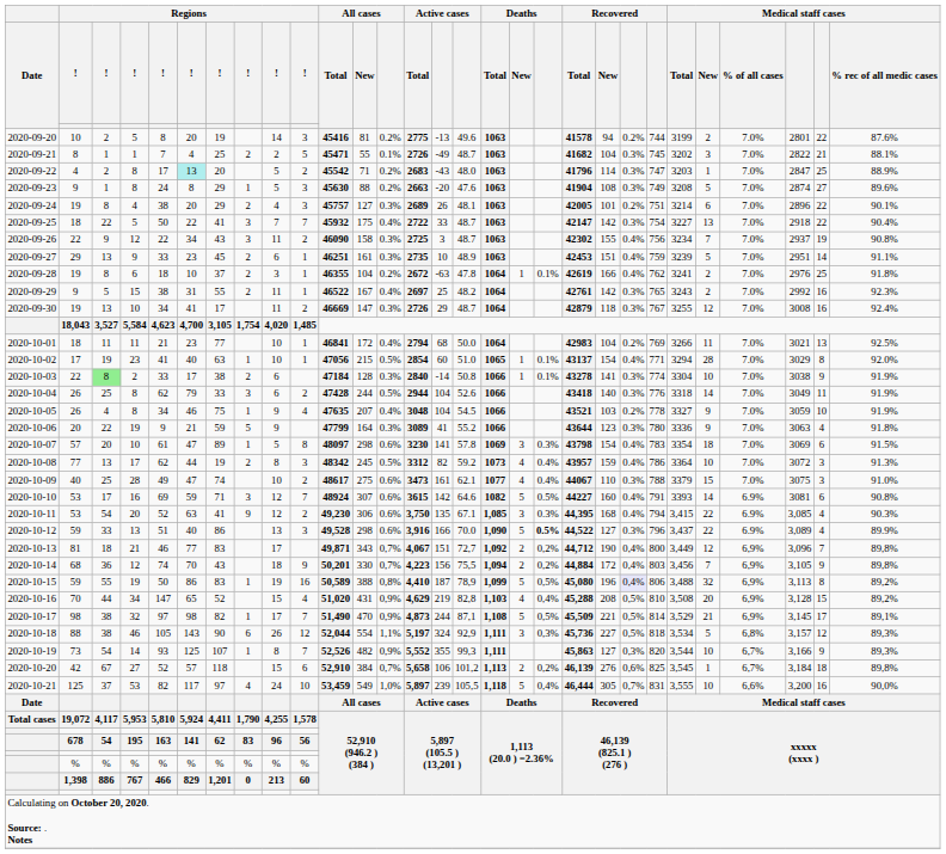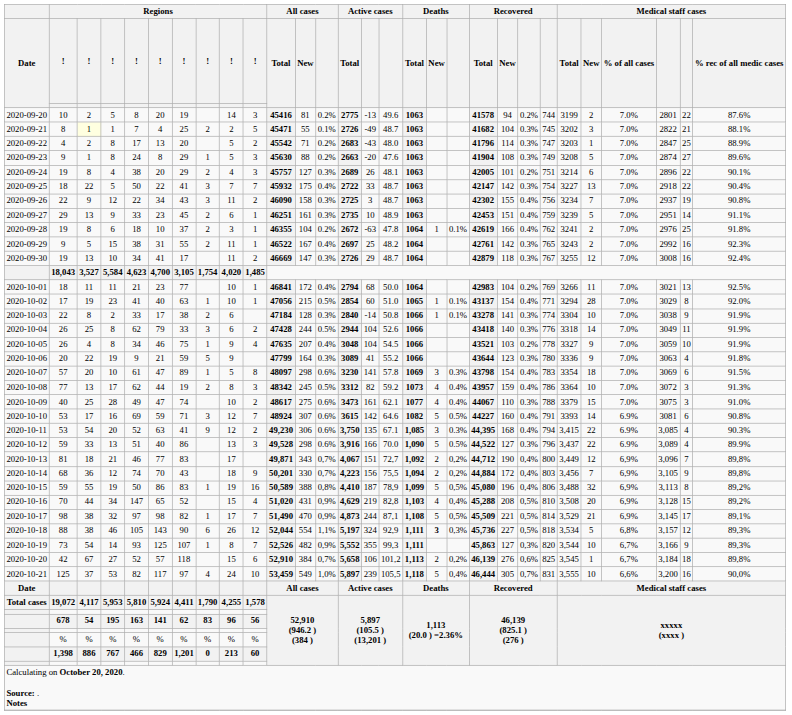 <table class="wikitable mw-collapsible mw-datatable" style="text-align:center; font-size:80%">
 <tr>
 <th> </th>
 <th colspan="9"><strong>Regions</strong></th>
 <th colspan="3">All cases</th>
 <th colspan="3">Active cases</th>
 <th colspan="3">Deaths</th>
 <th colspan="4">Recovered</th>
 <th colspan="6">Medical staff cases<br></th>
 </tr>
 <tr style="height:125px">
 <th rowspan="2">Date</th>
 <th>!</th>
 <th>!</th>
 <th>!</th>
 <th>!</th>
 <th>!</th>
 <th>!</th>
 <th>!</th>
 <th>!</th>
 <th>!</th>
 <th rowspan="2">Total</th>
 <th rowspan="2">New</th>
 <th rowspan="2"></th>
 <th rowspan="2">Total</th>
 <th rowspan="2"></th>
 <th rowspan="2"></th>
 <th rowspan="2">Total</th>
 <th rowspan="2">New</th>
 <th rowspan="2"></th>
 <th rowspan="2">Total</th>
 <th rowspan="2">New</th>
 <th rowspan="2"></th>
 <th rowspan="2"></th>
 <th rowspan="2">Total</th>
 <th rowspan="2">New</th>
 <th rowspan="2">% of all cases</th>
 <th rowspan="2"></th>
 <th rowspan="2"></th>
 <th rowspan="2">% rec of all medic cases</th>
 </tr>
 <tr>
 <th style="top:125px"></th>
 <th style="top:125px"></th>
 <th style="top:125px"></th>
 <th style="top:125px"></th>
 <th style="top:125px"></th>
 <th style="top:125px"></th>
 <th style="top:125px"></th>
 <th style="top:125px"></th>
 <th style="top:125px"></th>
 </tr>
 <tr>
 <td>2020-09-20</td>
 <td>10</td>
 <td>2</td>
 <td>5</td>
 <td>8</td>
 <td>20</td>
 <td>19</td>
 <td></td>
 <td>14</td>
 <td>3</td>
 <th>45416</th>
 <td>81</td>
 <td>0.2%</td>
 <th>2775</th>
 <td>-13</td>
 <td>49.6</td>
 <th>1063</th>
 <td></td>
 <td></td>
 <th>41578</th>
 <td>94</td>
 <td>0.2%</td>
 <td>744</td>
 <td>3199</td>
 <td>2</td>
 <td>7.0%</td>
 <td>2801</td>
 <td>22</td>
 <td>87.6%</td>
 </tr>
 <tr>
 <td>2020-09-21</td>
 <td>8</td>
-<td>1</td>
+<td style="background: lightyellow;">1</td>
 <td>1</td>
 <td>7</td>
 <td>4</td>
 <td>25</td>
 <td>2</td>
 <td>2</td>
 <td>5</td>
 <th>45471</th>
 <td>55</td>
 <td>0.1%</td>
 <th>2726</th>
 <td>-49</td>
 <td>48.7</td>
 <th>1063</th>
 <td></td>
 <td></td>
 <th>41682</th>
 <td>104</td>
 <td>0.3%</td>
 <td>745</td>
 <td>3202</td>
 <td>3</td>
 <td>7.0%</td>
 <td>2822</td>
 <td>21</td>
 <td>88.1%</td>
 </tr>
 <tr>
 <td>2020-09-22</td>
 <td>4</td>
 <td>2</td>
 <td>8</td>
 <td>17</td>
-<td style="background: paleturquoise;">13</td>
+<td>13</td>
 <td>20</td>
 <td></td>
 <td>5</td>
 <td>2</td>
 <th>45542</th>
 <td>71</td>
 <td>0.2%</td>
 <th>2683</th>
 <td>-43</td>
 <td>48.0</td>
 <th>1063</th>
 <td></td>
 <td></td>
 <th>41796</th>
 <td>114</td>
 <td>0.3%</td>
 <td>747</td>
 <td>3203</td>
 <td>1</td>
 <td>7.0%</td>
 <td>2847</td>
 <td>25</td>
 <td>88.9%</td>
 </tr>
 <tr>
 <td>2020-09-23</td>
 <td>9</td>
 <td>1</td>
 <td>8</td>
 <td>24</td>
 <td>8</td>
 <td>29</td>
 <td>1</td>
 <td>5</td>
 <td>3</td>
 <th>45630</th>
 <td>88</td>
 <td>0.2%</td>
 <th>2663</th>
 <td>-20</td>
 <td>47.6</td>
 <th>1063</th>
 <td></td>
 <td></td>
 <th>41904</th>
 <td>108</td>
 <td>0.3%</td>
 <td>749</td>
 <td>3208</td>
 <td>5</td>
 <td>7.0%</td>
 <td>2874</td>
 <td>27</td>
 <td>89.6%</td>
 </tr>
 <tr>
 <td>2020-09-24</td>
 <td>19</td>
 <td>8</td>
 <td>4</td>
 <td>38</td>
 <td>20</td>
 <td>29</td>
 <td>2</td>
 <td>4</td>
 <td>3</td>
 <th>45757</th>
 <td>127</td>
 <td>0.3%</td>
 <th>2689</th>
 <td>26</td>
 <td>48.1</td>
 <th>1063</th>
 <td></td>
 <td></td>
 <th>42005</th>
 <td>101</td>
 <td>0.2%</td>
 <td>751</td>
 <td>3214</td>
 <td>6</td>
 <td>7.0%</td>
 <td>2896</td>
 <td>22</td>
 <td>90.1%</td>
 </tr>
 <tr>
 <td>2020-09-25</td>
 <td>18</td>
 <td>22</td>
 <td>5</td>
 <td>50</td>
 <td>22</td>
 <td>41</td>
 <td>3</td>
 <td>7</td>
 <td>7</td>
 <th>45932</th>
 <td>175</td>
 <td>0.4%</td>
 <th>2722</th>
 <td>33</td>
 <td>48.7</td>
 <th>1063</th>
 <td></td>
 <td></td>
 <th>42147</th>
 <td>142</td>
 <td>0.3%</td>
 <td>754</td>
 <td>3227</td>
 <td>13</td>
 <td>7.0%</td>
 <td>2918</td>
 <td>22</td>
 <td>90.4%</td>
 </tr>
 <tr>
 <td>2020-09-26</td>
 <td>22</td>
 <td>9</td>
 <td>12</td>
 <td>22</td>
 <td>34</td>
 <td>43</td>
 <td>3</td>
 <td>11</td>
 <td>2</td>
 <th>46090</th>
 <td>158</td>
 <td>0.3%</td>
 <th>2725</th>
 <td>3</td>
 <td>48.7</td>
 <th>1063</th>
 <td></td>
 <td></td>
 <th>42302</th>
 <td>155</td>
 <td>0.4%</td>
 <td>756</td>
 <td>3234</td>
 <td>7</td>
 <td>7.0%</td>
 <td>2937</td>
 <td>19</td>
 <td>90.8%</td>
 </tr>
 <tr>
 <td>2020-09-27</td>
 <td>29</td>
 <td>13</td>
 <td>9</td>
 <td>33</td>
 <td>23</td>
 <td>45</td>
 <td>2</td>
 <td>6</td>
 <td>1</td>
 <th>46251</th>
 <td>161</td>
 <td>0.3%</td>
 <th>2735</th>
 <td>10</td>
 <td>48.9</td>
 <th>1063</th>
 <td></td>
 <td></td>
 <th>42453</th>
 <td>151</td>
 <td>0.4%</td>
 <td>759</td>
 <td>3239</td>
 <td>5</td>
 <td>7.0%</td>
 <td>2951</td>
 <td>14</td>
 <td>91.1%</td>
 </tr>
 <tr>
 <td>2020-09-28</td>
 <td>19</td>
 <td>8</td>
 <td>6</td>
 <td>18</td>
 <td>10</td>
 <td>37</td>
 <td>2</td>
 <td>3</td>
 <td>1</td>
 <th>46355</th>
 <td>104</td>
 <td>0.2%</td>
 <th>2672</th>
 <td>-63</td>
 <td>47.8</td>
 <th>1064</th>
 <td>1</td>
 <td>0.1%</td>
 <th>42619</th>
 <td>166</td>
 <td>0.4%</td>
 <td>762</td>
 <td>3241</td>
 <td>2</td>
 <td>7.0%</td>
 <td>2976</td>
 <td>25</td>
 <td>91.8%</td>
 </tr>
 <tr>
 <td>2020-09-29</td>
 <td>9</td>
 <td>5</td>
 <td>15</td>
 <td>38</td>
 <td>31</td>
 <td>55</td>
 <td>2</td>
 <td>11</td>
 <td>1</td>
 <th>46522</th>
 <td>167</td>
 <td>0.4%</td>
 <th>2697</th>
 <td>25</td>
 <td>48.2</td>
 <th>1064</th>
 <td></td>
 <td></td>
 <th>42761</th>
 <td>142</td>
 <td>0.3%</td>
 <td>765</td>
 <td>3243</td>
 <td>2</td>
 <td>7.0%</td>
 <td>2992</td>
 <td>16</td>
 <td>92.3%</td>
 </tr>
 <tr>
 <td>2020-09-30</td>
 <td>19</td>
 <td>13</td>
 <td>10</td>
 <td>34</td>
 <td>41</td>
 <td>17</td>
 <td></td>
 <td>11</td>
 <td>2</td>
 <th>46669</th>
 <td>147</td>
 <td>0.3%</td>
 <th>2726</th>
 <td>29</td>
 <td>48.7</td>
 <th>1064</th>
 <td></td>
 <td></td>
 <th>42879</th>
 <td>118</td>
 <td>0.3%</td>
 <td>767</td>
 <td>3255</td>
 <td>12</td>
 <td>7.0%</td>
 <td>3008</td>
 <td>16</td>
 <td>92.4%</td>
 </tr>
 <tr>
 <th></th>
 <th>18,043</th>
 <th>3,527</th>
 <th>5,584</th>
 <th>4,623</th>
 <th>4,700</th>
 <th>3,105</th>
 <th>1,754</th>
 <th>4,020</th>
 <th>1,485</th>
 </tr>
 <tr>
 <td>2020-10-01</td>
 <td>18</td>
 <td>11</td>
 <td>11</td>
 <td>21</td>
 <td>23</td>
 <td>77</td>
 <td></td>
 <td>10</td>
 <td>1</td>
 <th>46841</th>
 <td>172</td>
 <td>0.4%</td>
 <th>2794</th>
 <td>68</td>
 <td>50.0</td>
 <th>1064</th>
 <td></td>
 <td></td>
 <th>42983</th>
 <td>104</td>
 <td>0.2%</td>
 <td>769</td>
 <td>3266</td>
 <td>11</td>
 <td>7.0%</td>
 <td>3021</td>
 <td>13</td>
 <td>92.5%</td>
 </tr>
 <tr>
 <td>2020-10-02</td>
 <td>17</td>
 <td>19</td>
 <td>23</td>
 <td>41</td>
 <td>40</td>
 <td>63</td>
 <td>1</td>
 <td>10</td>
 <td>1</td>
 <th>47056</th>
 <td>215</td>
 <td>0.5%</td>
 <th>2854</th>
 <td>60</td>
 <td>51.0</td>
 <th>1065</th>
 <td>1</td>
 <td>0.1%</td>
 <th>43137</th>
 <td>154</td>
 <td>0.4%</td>
 <td>771</td>
 <td>3294</td>
 <td>28</td>
 <td>7.0%</td>
 <td>3029</td>
 <td>8</td>
 <td>92.0%</td>
 </tr>
 <tr>
 <td>2020-10-03</td>
 <td>22</td>
-<td style="background: lightgreen;">8</td>
+<td>8</td>
 <td>2</td>
 <td>33</td>
 <td>17</td>
 <td>38</td>
 <td>2</td>
 <td>6</td>
 <td></td>
 <th>47184</th>
 <td>128</td>
 <td>0.3%</td>
 <th>2840</th>
 <td>-14</td>
 <td>50.8</td>
 <th>1066</th>
 <td>1</td>
 <td>0.1%</td>
 <th>43278</th>
 <td>141</td>
 <td>0.3%</td>
 <td>774</td>
 <td>3304</td>
 <td>10</td>
 <td>7.0%</td>
 <td>3038</td>
 <td>9</td>
 <td>91.9%</td>
 </tr>
 <tr>
 <td>2020-10-04</td>
 <td>26</td>
 <td>25</td>
 <td>8</td>
 <td>62</td>
 <td>79</td>
 <td>33</td>
 <td>3</td>
 <td>6</td>
 <td>2</td>
 <th>47428</th>
 <td>244</td>
 <td>0.5%</td>
 <th>2944</th>
 <td>104</td>
 <td>52.6</td>
 <th>1066</th>
 <td></td>
 <td></td>
 <th>43418</th>
 <td>140</td>
 <td>0.3%</td>
 <td>776</td>
 <td>3318</td>
 <td>14</td>
 <td>7.0%</td>
 <td>3049</td>
 <td>11</td>
 <td>91.9%</td>
 </tr>
 <tr>
 <td>2020-10-05</td>
 <td>26</td>
 <td>4</td>
 <td>8</td>
 <td>34</td>
 <td>46</td>
 <td>75</td>
 <td>1</td>
 <td>9</td>
 <td>4</td>
 <th>47635</th>
 <td>207</td>
 <td>0.4%</td>
 <th>3048</th>
 <td>104</td>
 <td>54.5</td>
 <th>1066</th>
 <td></td>
 <td></td>
 <th>43521</th>
 <td>103</td>
 <td>0.2%</td>
 <td>778</td>
 <td>3327</td>
 <td>9</td>
 <td>7.0%</td>
 <td>3059</td>
 <td>10</td>
 <td>91.9%</td>
 </tr>
 <tr>
 <td>2020-10-06</td>
 <td>20</td>
 <td>22</td>
 <td>19</td>
 <td>9</td>
 <td>21</td>
 <td>59</td>
 <td>5</td>
 <td>9</td>
 <td></td>
 <th>47799</th>
 <td>164</td>
 <td>0.3%</td>
 <th>3089</th>
 <td>41</td>
 <td>55.2</td>
 <th>1066</th>
 <td></td>
 <td></td>
 <th>43644</th>
 <td>123</td>
 <td>0.3%</td>
 <td>780</td>
 <td>3336</td>
 <td>9</td>
 <td>7.0%</td>
 <td>3063</td>
 <td>4</td>
 <td>91.8%</td>
 </tr>
 <tr>
 <td>2020-10-07</td>
 <td>57</td>
 <td>20</td>
 <td>10</td>
 <td>61</td>
 <td>47</td>
 <td>89</td>
 <td>1</td>
 <td>5</td>
 <td>8</td>
 <th>48097</th>
 <td>298</td>
 <td>0.6%</td>
 <th>3230</th>
 <td>141</td>
 <td>57.8</td>
 <th>1069</th>
 <td>3</td>
 <td>0.3%</td>
 <th>43798</th>
 <td>154</td>
 <td>0.4%</td>
 <td>783</td>
 <td>3354</td>
 <td>18</td>
 <td>7.0%</td>
 <td>3069</td>
 <td>6</td>
 <td>91.5%</td>
 </tr>
 <tr>
 <td>2020-10-08</td>
 <td>77</td>
 <td>13</td>
 <td>17</td>
 <td>62</td>
 <td>44</td>
 <td>19</td>
 <td>2</td>
 <td>8</td>
 <td>3</td>
 <th>48342</th>
 <td>245</td>
 <td>0.5%</td>
 <th>3312</th>
 <td>82</td>
 <td>59.2</td>
 <th>1073</th>
 <td>4</td>
 <td>0.4%</td>
 <th>43957</th>
 <td>159</td>
 <td>0.4%</td>
 <td>786</td>
 <td>3364</td>
 <td>10</td>
 <td>7.0%</td>
 <td>3072</td>
 <td>3</td>
 <td>91.3%</td>
 </tr>
 <tr>
 <td>2020-10-09</td>
 <td>40</td>
 <td>25</td>
 <td>28</td>
 <td>49</td>
 <td>47</td>
 <td>74</td>
 <td></td>
 <td>10</td>
 <td>2</td>
 <th>48617</th>
 <td>275</td>
 <td>0.6%</td>
 <th>3473</th>
 <td>161</td>
 <td>62.1</td>
 <th>1077</th>
 <td>4</td>
 <td>0.4%</td>
 <th>44067</th>
 <td>110</td>
 <td>0.3%</td>
 <td>788</td>
 <td>3379</td>
 <td>15</td>
 <td>7.0%</td>
 <td>3075</td>
 <td>3</td>
 <td>91.0%</td>
 </tr>
 <tr>
 <td>2020-10-10</td>
 <td>53</td>
 <td>17</td>
 <td>16</td>
 <td>69</td>
 <td>59</td>
 <td>71</td>
 <td>3</td>
 <td>12</td>
 <td>7</td>
 <th>48924</th>
 <td>307</td>
 <td>0.6%</td>
 <th>3615</th>
 <td>142</td>
 <td>64.6</td>
 <th>1082</th>
 <td>5</td>
 <td>0.5%</td>
 <th>44227</th>
 <td>160</td>
 <td>0.4%</td>
 <td>791</td>
 <td>3393</td>
 <td>14</td>
 <td>6.9%</td>
 <td>3081</td>
 <td>6</td>
 <td>90.8%</td>
 </tr>
 <tr>
 <td>2020-10-11</td>
 <td>53</td>
 <td>54</td>
 <td>20</td>
 <td>52</td>
 <td>63</td>
 <td>41</td>
 <td>9</td>
 <td>12</td>
 <td>2</td>
 <th>49,230</th>
 <td>306</td>
 <td>0.6%</td>
 <th>3,750</th>
 <td>135</td>
 <td>67.1</td>
 <th>1,085</th>
 <td>3</td>
 <td>0.3%</td>
 <th>44,395</th>
 <td>168</td>
 <td>0.4%</td>
 <td>794</td>
 <td>3,415</td>
 <td>22</td>
 <td>6.9%</td>
 <td>3,085</td>
 <td>4</td>
 <td>90.3%</td>
 </tr>
 <tr>
 <td>2020-10-12</td>
 <td>59</td>
 <td>33</td>
 <td>13</td>
 <td>51</td>
 <td>40</td>
 <td>86</td>
 <td></td>
 <td>13</td>
 <td>3</td>
 <th>49,528</th>
 <td>298</td>
 <td>0.6%</td>
 <th>3,916</th>
 <td>166</td>
 <td>70.0</td>
 <th>1,090</th>
 <td>5</td>
-<td><strong>0.5%</strong></td>
+<td>0.5%</td>
 <th>44,522</th>
 <td>127</td>
 <td>0.3%</td>
 <td>796</td>
 <td>3,437</td>
 <td>22</td>
 <td>6.9%</td>
 <td>3,089</td>
 <td>4</td>
 <td>89.9%</td>
 </tr>
 <tr>
 <td>2020-10-13</td>
 <td>81</td>
 <td>18</td>
 <td>21</td>
 <td>46</td>
 <td>77</td>
 <td>83</td>
 <td></td>
 <td>17</td>
 <td></td>
 <th>49,871</th>
 <td>343</td>
 <td>0,7%</td>
 <th>4,067</th>
 <td>151</td>
 <td>72,7</td>
 <th>1,092</th>
 <td>2</td>
 <td>0,2%</td>
 <th>44,712</th>
 <td>190</td>
 <td>0,4%</td>
 <td>800</td>
 <td>3,449</td>
 <td>12</td>
 <td>6,9%</td>
 <td>3,096</td>
 <td>7</td>
 <td>89,8%</td>
 </tr>
 <tr>
 <td>2020-10-14</td>
 <td>68</td>
 <td>36</td>
 <td>12</td>
 <td>74</td>
 <td>70</td>
 <td>43</td>
 <td></td>
 <td>18</td>
 <td>9</td>
 <th>50,201</th>
 <td>330</td>
 <td>0,7%</td>
 <th>4,223</th>
 <td>156</td>
 <td>75,5</td>
 <th>1,094</th>
 <td>2</td>
 <td>0,2%</td>
 <th>44,884</th>
 <td>172</td>
 <td>0,4%</td>
 <td>803</td>
 <td>3,456</td>
 <td>7</td>
 <td>6,9%</td>
 <td>3,105</td>
 <td>9</td>
 <td>89,8%</td>
 </tr>
 <tr>
 <td>2020-10-15</td>
 <td>59</td>
 <td>55</td>
 <td>19</td>
 <td>50</td>
 <td>86</td>
 <td>83</td>
 <td>1</td>
 <td>19</td>
 <td>16</td>
 <th>50,589</th>
 <td>388</td>
 <td>0,8%</td>
 <th>4,410</th>
 <td>187</td>
 <td>78,9</td>
 <th>1,099</th>
 <td>5</td>
 <td>0,5%</td>
 <th>45,080</th>
 <td>196</td>
-<td style="background: lavender;">0,4%</td>
+<td>0,4%</td>
 <td>806</td>
 <td>3,488</td>
 <td>32</td>
 <td>6,9%</td>
 <td>3,113</td>
 <td>8</td>
 <td>89,2%</td>
 </tr>
 <tr>
 <td>2020-10-16</td>
 <td>70</td>
 <td>44</td>
 <td>34</td>
 <td>147</td>
 <td>65</td>
 <td>52</td>
 <td></td>
 <td>15</td>
 <td>4</td>
 <th>51,020</th>
 <td>431</td>
 <td>0,9%</td>
 <th>4,629</th>
 <td>219</td>
 <td>82,8</td>
 <th>1,103</th>
 <td>4</td>
 <td>0,4%</td>
 <th>45,288</th>
 <td>208</td>
 <td>0,5%</td>
 <td>810</td>
 <td>3,508</td>
 <td>20</td>
 <td>6,9%</td>
 <td>3,128</td>
 <td>15</td>
 <td>89,2%</td>
 </tr>
 <tr>
 <td>2020-10-17</td>
 <td>98</td>
 <td>38</td>
 <td>32</td>
 <td>97</td>
 <td>98</td>
 <td>82</td>
 <td>1</td>
 <td>17</td>
 <td>7</td>
 <th>51,490</th>
 <td>470</td>
 <td>0,9%</td>
 <th>4,873</th>
 <td>244</td>
 <td>87,1</td>
 <th>1,108</th>
 <td>5</td>
 <td>0,5%</td>
 <th>45,509</th>
 <td>221</td>
 <td>0,5%</td>
 <td>814</td>
 <td>3,529</td>
 <td>21</td>
 <td>6,9%</td>
 <td>3,145</td>
 <td>17</td>
 <td>89,1%</td>
 </tr>
 <tr>
 <td>2020-10-18</td>
 <td>88</td>
 <td>38</td>
 <td>46</td>
 <td>105</td>
 <td>143</td>
 <td>90</td>
 <td>6</td>
 <td>26</td>
 <td>12</td>
 <th>52,044</th>
 <td>554</td>
 <td>1,1%</td>
 <th>5,197</th>
 <td>324</td>
 <td>92,9</td>
 <th>1,111</th>
-<td>3</td>
+<td><strong>3</strong></td>
 <td>0,3%</td>
 <th>45,736</th>
 <td>227</td>
 <td>0,5%</td>
 <td>818</td>
 <td>3,534</td>
 <td>5</td>
 <td>6,8%</td>
 <td>3,157</td>
 <td>12</td>
 <td>89,3%</td>
 </tr>
 <tr>
 <td>2020-10-19</td>
 <td>73</td>
 <td>54</td>
 <td>14</td>
 <td>93</td>
 <td>125</td>
 <td>107</td>
 <td>1</td>
 <td>8</td>
 <td>7</td>
 <th>52,526</th>
 <td>482</td>
 <td>0,9%</td>
 <th>5,552</th>
 <td>355</td>
 <td>99,3</td>
 <th>1,111</th>
 <td></td>
 <td></td>
 <th>45,863</th>
 <td>127</td>
 <td>0,3%</td>
 <td>820</td>
 <td>3,544</td>
 <td>10</td>
 <td>6,7%</td>
 <td>3,166</td>
 <td>9</td>
 <td>89,3%</td>
 </tr>
 <tr>
 <td>2020-10-20</td>
 <td>42</td>
 <td>67</td>
 <td>27</td>
 <td>52</td>
 <td>57</td>
 <td>118</td>
 <td></td>
 <td>15</td>
 <td>6</td>
 <th>52,910</th>
 <td>384</td>
 <td>0,7%</td>
 <th>5,658</th>
 <td>106</td>
 <td>101,2</td>
 <th>1,113</th>
 <td>2</td>
 <td>0,2%</td>
 <th>46,139</th>
 <td>276</td>
 <td>0,6%</td>
 <td>825</td>
 <td>3,545</td>
 <td>1</td>
 <td>6,7%</td>
 <td>3,184</td>
 <td>18</td>
 <td>89,8%</td>
 </tr>
 <tr>
 <td>2020-10-21</td>
 <td>125</td>
 <td>37</td>
 <td>53</td>
 <td>82</td>
 <td>117</td>
 <td>97</td>
 <td>4</td>
 <td>24</td>
 <td>10</td>
 <th>53,459</th>
 <td>549</td>
 <td>1,0%</td>
 <th>5,897</th>
 <td>239</td>
 <td>105,5</td>
 <th>1,118</th>
 <td>5</td>
 <td>0,4%</td>
 <th>46,444</th>
 <td>305</td>
 <td>0,7%</td>
 <td>831</td>
 <td>3,555</td>
 <td>10</td>
 <td>6,6%</td>
 <td>3,200</td>
 <td>16</td>
 <td>90,0%</td>
 </tr>
 <tr>
 <th>Date</th>
 <th></th>
 <th></th>
 <th></th>
 <th></th>
 <th></th>
 <th></th>
 <th></th>
 <th></th>
 <th></th>
 <th colspan="3">All cases</th>
 <th colspan="3">Active cases</th>
 <th colspan="3">Deaths</th>
 <th colspan="4">Recovered</th>
 <th colspan="6">Medical staff cases</th>
 </tr>
 <tr>
 <th>Total cases</th>
 <th>19,072</th>
 <th>4,117</th>
 <th>5,953</th>
 <th>5,810</th>
 <th>5,924</th>
 <th>4,411</th>
 <th>1,790</th>
 <th>4,255</th>
 <th>1,578</th>
 <th colspan="3" rowspan="7">52,910<br>(946.2 )<br>(384 )</th>
 <th colspan="3" rowspan="7">5,897<br>(105.5 )<br>(13,201 )</th>
 <th colspan="3" rowspan="7">1,113<br>(20.0 ) =2.36%</th>
 <th colspan="4" rowspan="7">46,139<br>(825.1 )<br>(276 )</th>
 <th colspan="6" rowspan="7">xxxxx<br>(xxxx )</th>
 </tr>
 <tr>
 <th></th>
 <td></td>
 <td></td>
 <td></td>
 <td></td>
 <td></td>
 <td></td>
 <td></td>
 <td></td>
 <td></td>
 </tr>
 <tr>
 <th></th>
 <th>678</th>
 <th>54</th>
 <th>195</th>
 <th>163</th>
 <th>141</th>
 <th>62</th>
 <th>83</th>
 <th>96</th>
 <th>56</th>
 </tr>
 <tr>
 <th></th>
 <td></td>
 <td></td>
 <td></td>
 <td></td>
 <td></td>
 <td></td>
 <td></td>
 <td></td>
 <td></td>
 </tr>
 <tr>
 <th></th>
 <td>%</td>
 <td>%</td>
 <td>%</td>
 <td>%</td>
 <td>%</td>
 <td>%</td>
 <td>%</td>
 <td>%</td>
 <td>%</td>
 </tr>
 <tr>
 <th></th>
 <th>1,398</th>
 <th>886</th>
 <th>767</th>
 <th>466</th>
 <th>829</th>
 <th>1,201</th>
 <th>0</th>
 <th>213</th>
 <th>60</th>
 </tr>
 <tr>
 <th></th>
 <td></td>
 <td></td>
 <td></td>
 <td></td>
 <td></td>
 <td></td>
 <td></td>
 <td></td>
 <td></td>
 </tr>
 <tr>
 <td colspan="29"; style="font-size: 100%; text-align:left";>Calculating on <strong>October 20, 2020</strong>.<br><br><strong>Source:</strong> .<br> <strong>Notes</strong></td>
 </tr>
 <tr>
 </tr>
 </table>
